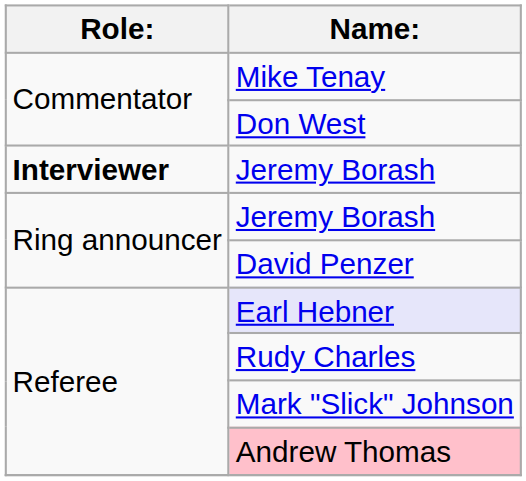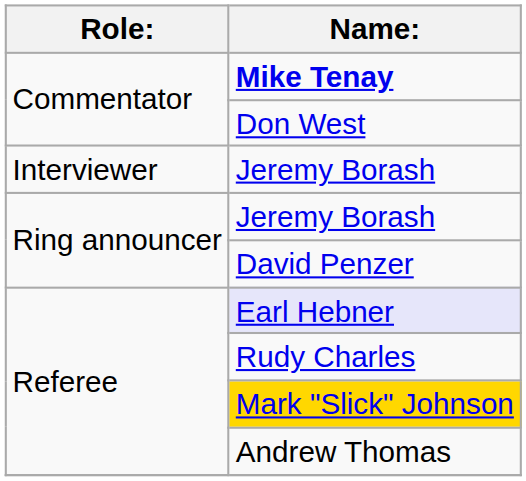 <table class=wikitable style="font-size:90%; margin: 0.5em 0 0.5em 1em; float: right; clear: right;">
 <tr>
 <th>Role:</th>
 <th>Name:</th>
 </tr>
 <tr>
 <td rowspan="2">Commentator</td>
-<td><a href='#'>Mike Tenay</a></td>
+<td><strong><a href='#'>Mike Tenay</a></strong></td>
 </tr>
 <tr>
 <td><a href='#'>Don West</a></td>
 </tr>
 <tr>
-<td rowspan="1"><strong>Interviewer</strong></td>
+<td rowspan="1">Interviewer</td>
 <td><a href='#'>Jeremy Borash</a></td>
 </tr>
 <tr>
 <td rowspan="2">Ring announcer</td>
 <td><a href='#'>Jeremy Borash</a></td>
 </tr>
 <tr>
 <td><a href='#'>David Penzer</a></td>
 </tr>
 <tr>
 <td rowspan="4">Referee</td>
 <td style="background: lavender;"><a href='#'>Earl Hebner</a></td>
 </tr>
 <tr>
 <td><a href='#'>Rudy Charles</a></td>
 </tr>
 <tr>
-<td><a href='#'>Mark "Slick" Johnson</a></td>
+<td style="background: gold;"><a href='#'>Mark "Slick" Johnson</a></td>
 </tr>
 <tr>
-<td style="background: pink;">Andrew Thomas</td>
+<td>Andrew Thomas</td>
 </tr>
 <tr>
 </tr>
 </table>
